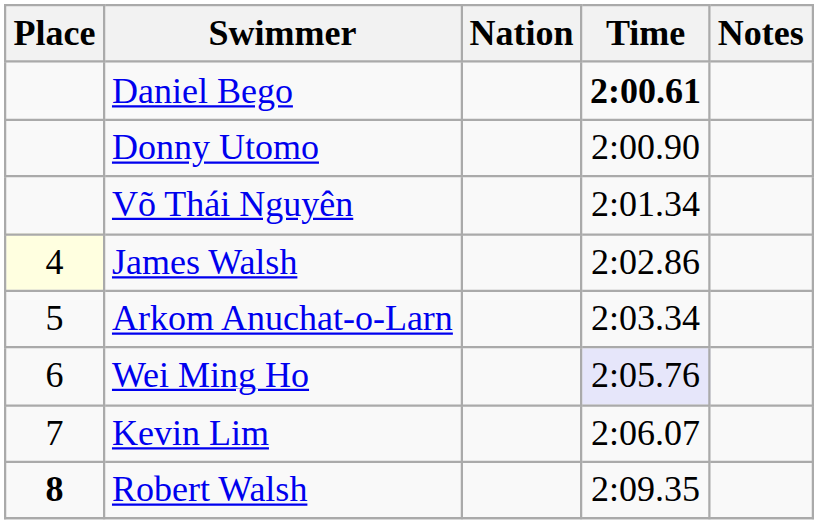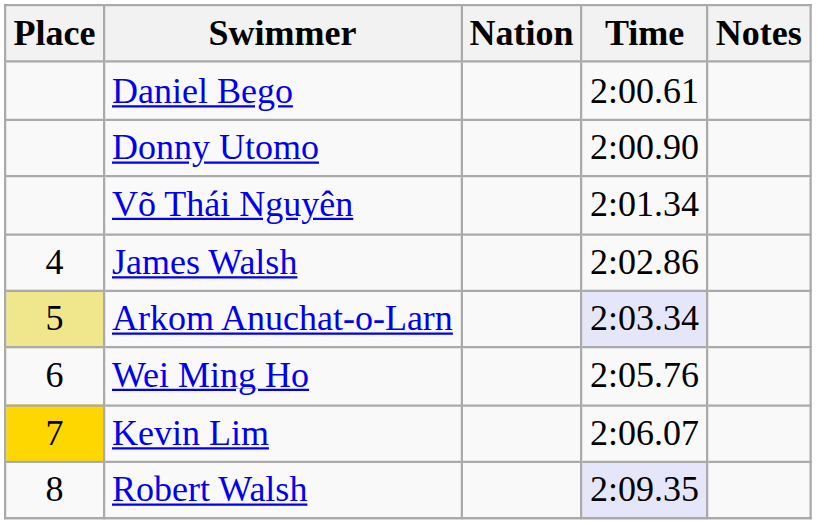 <table class="wikitable sortable" style="text-align:center">
 <tr>
 <th>Place</th>
 <th>Swimmer</th>
 <th>Nation</th>
 <th>Time</th>
 <th>Notes</th>
 </tr>
 <tr>
 <td></td>
 <td align=left><a href='#'>Daniel Bego</a></td>
 <td align=left></td>
-<td><strong>2:00.61</strong></td>
+<td>2:00.61</td>
 <td></td>
 </tr>
 <tr>
 <td></td>
 <td align=left><a href='#'>Donny Utomo</a></td>
 <td align=left></td>
 <td>2:00.90</td>
 <td></td>
 </tr>
 <tr>
 <td></td>
 <td align=left><a href='#'>Võ Thái Nguyên</a></td>
 <td align=left></td>
 <td>2:01.34</td>
 <td></td>
 </tr>
 <tr>
-<td style="background: lightyellow;">4</td>
+<td>4</td>
 <td align=left><a href='#'>James Walsh</a></td>
 <td align=left></td>
 <td>2:02.86</td>
 <td></td>
 </tr>
 <tr>
-<td>5</td>
+<td style="background: khaki;">5</td>
 <td align=left><a href='#'>Arkom Anuchat-o-Larn</a></td>
 <td align=left></td>
-<td>2:03.34</td>
+<td style="background: lavender;">2:03.34</td>
 <td></td>
 </tr>
 <tr>
 <td>6</td>
 <td align=left><a href='#'>Wei Ming Ho</a></td>
 <td align=left></td>
-<td style="background: lavender;">2:05.76</td>
+<td>2:05.76</td>
 <td></td>
 </tr>
 <tr>
-<td>7</td>
+<td style="background: gold;">7</td>
 <td align=left><a href='#'>Kevin Lim</a></td>
 <td align=left></td>
 <td>2:06.07</td>
 <td></td>
 </tr>
 <tr>
-<td><strong>8</strong></td>
+<td>8</td>
 <td align=left><a href='#'>Robert Walsh</a></td>
 <td align=left></td>
-<td>2:09.35</td>
+<td style="background: lavender;">2:09.35</td>
 <td></td>
 </tr>
 <tr>
 </tr>
 </table>
